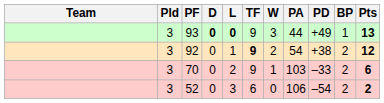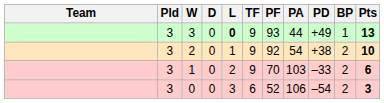 <table class="wikitable" style="text-align: center;">
 <tr>
 <th width="200">Team</th>
 <th width="20">Pld</th>
-<th width="20">PF</th>
+<th width="20">W</th>
 <th width="20">D</th>
 <th width="20">L</th>
 <th width="20">TF</th>
-<th width="20">W</th>
+<th width="20">PF</th>
 <th width="20">PA</th>
 <th width="25">PD</th>
 <th width="20">BP</th>
 <th width="20">Pts</th>
 </tr>
 <tr style="background:#ccffcc">
 <td align=left></td>
 <td>3</td>
-<td>93</td>
-<td><strong>0</strong></td>
+<td>3</td>
+<td>0</td>
 <td><strong>0</strong></td>
 <td>9</td>
-<td>3</td>
+<td>93</td>
 <td>44</td>
 <td>+49</td>
 <td>1</td>
 <td><strong>13</strong></td>
 </tr>
 <tr style="background:#ffe6bd">
 <td align=left></td>
 <td>3</td>
-<td>92</td>
+<td>2</td>
 <td>0</td>
 <td>1</td>
-<td><strong>9</strong></td>
-<td>2</td>
+<td>9</td>
+<td>92</td>
 <td>54</td>
 <td>+38</td>
 <td>2</td>
-<td><strong>12</strong></td>
+<td><strong>10</strong></td>
 </tr>
 <tr style="background:#fcc">
 <td align=left></td>
 <td>3</td>
-<td>70</td>
+<td>1</td>
 <td>0</td>
 <td>2</td>
 <td>9</td>
-<td>1</td>
+<td>70</td>
 <td>103</td>
 <td>–33</td>
 <td>2</td>
 <td><strong>6</strong></td>
 </tr>
 <tr style="background:#fcc">
 <td align=left></td>
 <td>3</td>
-<td>52</td>
+<td>0</td>
 <td>0</td>
 <td>3</td>
 <td>6</td>
-<td>0</td>
+<td>52</td>
 <td>106</td>
 <td>–54</td>
 <td>2</td>
-<td><strong>2</strong></td>
+<td><strong>3</strong></td>
 </tr>
 </table>
